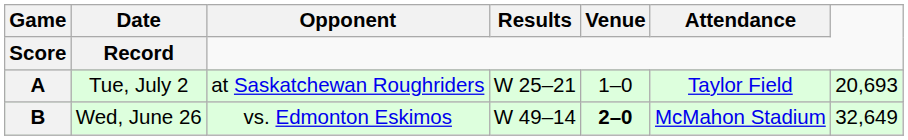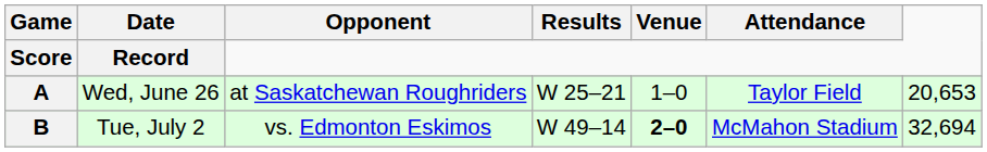 <table class="wikitable" style="text-align:center">
 <tr>
 <th>Game</th>
 <th>Date</th>
 <th>Opponent</th>
 <th>Results</th>
 <th>Venue</th>
 <th>Attendance</th>
 </tr>
 <tr>
 <th>Score</th>
 <th>Record</th>
 </tr>
 <tr style="background:#ddffdd">
 <th>A</th>
-<td>Tue, July 2</td>
+<td>Wed, June 26</td>
 <td>at <a href='#'>Saskatchewan Roughriders</a></td>
 <td>W 25–21</td>
 <td>1–0</td>
 <td><a href='#'>Taylor Field</a></td>
-<td>20,693</td>
+<td>20,653</td>
 </tr>
 <tr style="background:#ddffdd">
 <th>B</th>
-<td>Wed, June 26</td>
+<td>Tue, July 2</td>
 <td>vs. <a href='#'>Edmonton Eskimos</a></td>
 <td>W 49–14</td>
 <td><strong>2–0</strong></td>
 <td><a href='#'>McMahon Stadium</a></td>
-<td>32,649</td>
+<td>32,694</td>
 </tr>
 </table>
